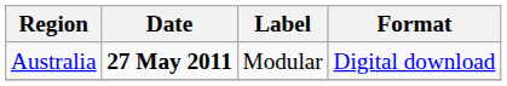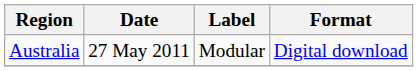 <table class="wikitable">
 <tr>
 <th>Region</th>
 <th>Date</th>
 <th>Label</th>
 <th>Format</th>
 </tr>
 <tr>
 <td><a href='#'>Australia</a></td>
-<td><strong>27 May 2011</strong></td>
+<td>27 May 2011</td>
 <td>Modular</td>
 <td><a href='#'>Digital download</a></td>
 </tr>
 <tr>
 </tr>
 </table>
